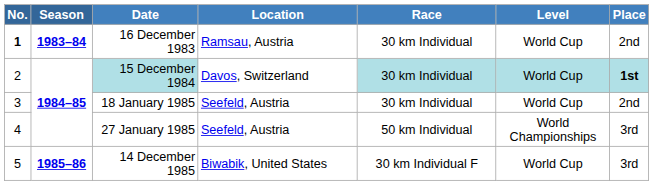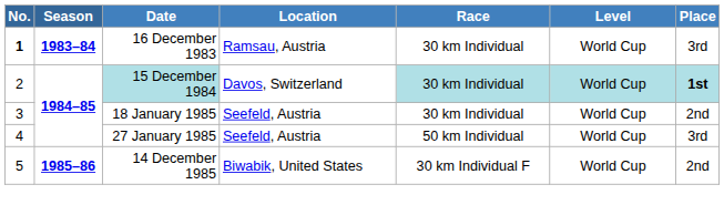 <table class="wikitable sortable" style="font-size:95%; text-align:center; border:grey solid 1px; border-collapse:collapse; background:#ffffff;">
 <tr style="background:#efefef;">
 <th style="background-color:#369; color:white;">No.</th>
 <th style="background-color:#369; color:white;">Season</th>
 <th style="background-color:#4180be; color:white; width:120px;">Date</th>
 <th style="background-color:#4180be; color:white; width:185px;">Location</th>
 <th style="background-color:#4180be; color:white; width:160px;">Race</th>
 <th style="background-color:#4180be; color:white; width:130px;">Level</th>
 <th style="background-color:#4180be; color:white;">Place</th>
 </tr>
 <tr>
 <td align=center><strong>1</strong></td>
 <td rowspan=1 align=center><strong> <a href='#'>1983–84</a> </strong></td>
 <td align=right>16 December 1983</td>
 <td align=left> <a href='#'>Ramsau</a>, Austria</td>
 <td>30 km Individual</td>
 <td>World Cup</td>
-<td>2nd</td>
+<td>3rd</td>
 </tr>
 <tr>
 <td align=center>2</td>
 <td rowspan=3 align=center><strong><a href='#'>1984–85</a></strong></td>
 <td bgcolor="#BOEOE6" align=right>15 December 1984</td>
 <td align=left> <a href='#'>Davos</a>, Switzerland</td>
 <td bgcolor="#BOEOE6">30 km Individual</td>
 <td bgcolor="#BOEOE6">World Cup</td>
 <td bgcolor="#BOEOE6"><strong>1st</strong></td>
 </tr>
 <tr>
 <td align=center>3</td>
 <td align=right>18 January 1985</td>
 <td align=left> <a href='#'>Seefeld</a>, Austria</td>
 <td>30 km Individual</td>
 <td>World Cup</td>
 <td>2nd</td>
 </tr>
 <tr>
 <td align=center>4</td>
 <td align=right>27 January 1985</td>
 <td align=left> <a href='#'>Seefeld</a>, Austria</td>
 <td>50 km Individual</td>
-<td>World Championships</td>
+<td>World Cup</td>
 <td>3rd</td>
 </tr>
 <tr>
 <td align=center>5</td>
 <td rowspan=1 align=center><strong> <a href='#'>1985–86</a> </strong></td>
 <td align=right>14 December 1985</td>
 <td align=left> <a href='#'>Biwabik</a>, United States</td>
 <td>30 km Individual F</td>
 <td>World Cup</td>
-<td>3rd</td>
+<td>2nd</td>
 </tr>
 </table>
